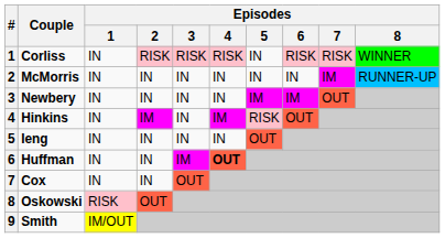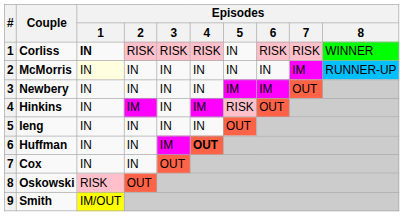 <table class="wikitable">
 <tr>
 <th rowspan=2>#</th>
 <th rowspan=2>Couple</th>
 <th colspan=9>Episodes</th>
 </tr>
 <tr>
 <th>1</th>
 <th>2</th>
 <th>3</th>
 <th>4</th>
 <th>5</th>
 <th>6</th>
 <th>7</th>
 <th>8</th>
 </tr>
 <tr>
 <th>1</th>
 <td><strong>Corliss</strong></td>
-<td>IN</td>
+<td><strong>IN</strong></td>
 <td bgcolor="pink">RISK</td>
 <td bgcolor="pink">RISK</td>
 <td bgcolor="pink">RISK</td>
 <td>IN</td>
 <td bgcolor="pink">RISK</td>
 <td bgcolor="pink">RISK</td>
 <td bgcolor="lime">WINNER</td>
 </tr>
 <tr>
 <th>2</th>
 <td><strong>McMorris</strong></td>
-<td>IN</td>
+<td style="background: lightyellow;">IN</td>
 <td>IN</td>
 <td>IN</td>
 <td>IN</td>
 <td>IN</td>
 <td>IN</td>
 <td bgcolor="magenta">IM</td>
 <td bgcolor=#00C0FF>RUNNER-UP</td>
 </tr>
 <tr>
 <th>3</th>
 <td><strong>Newbery</strong></td>
 <td>IN</td>
 <td>IN</td>
 <td>IN</td>
 <td>IN</td>
 <td bgcolor="magenta">IM</td>
 <td bgcolor="magenta">IM</td>
 <td bgcolor="tomato">OUT</td>
 <td bgcolor="#CCCCCC" colspan=1></td>
 </tr>
 <tr>
 <th>4</th>
 <td><strong>Hinkins</strong></td>
 <td>IN</td>
 <td bgcolor="magenta">IM</td>
 <td>IN</td>
 <td bgcolor="magenta">IM</td>
 <td bgcolor="pink">RISK</td>
 <td bgcolor="tomato">OUT</td>
 <td bgcolor="#CCCCCC" colspan=2></td>
 </tr>
 <tr>
 <th>5</th>
 <td><strong>Ieng</strong></td>
 <td>IN</td>
 <td>IN</td>
 <td>IN</td>
 <td>IN</td>
 <td bgcolor="tomato">OUT</td>
 <td bgcolor="#CCCCCC" colspan=3></td>
 </tr>
 <tr>
 <th>6</th>
 <td><strong>Huffman</strong></td>
 <td>IN</td>
 <td>IN</td>
 <td bgcolor="magenta">IM</td>
 <td bgcolor="tomato"><strong>OUT</strong></td>
 <td bgcolor="#CCCCCC" colspan=4></td>
 </tr>
 <tr>
 <th>7</th>
 <td><strong>Cox</strong></td>
 <td>IN</td>
 <td>IN</td>
 <td bgcolor="tomato">OUT</td>
 <td bgcolor="#CCCCCC" colspan=5></td>
 </tr>
 <tr>
 <th>8</th>
 <td><strong>Oskowski </strong></td>
 <td bgcolor="pink">RISK</td>
 <td bgcolor="tomato">OUT</td>
 <td bgcolor="#CCCCCC" colspan=6></td>
 </tr>
 <tr>
 <th>9</th>
 <td><strong>Smith</strong></td>
 <td bgcolor="yellow">IM/OUT</td>
 <td bgcolor="#CCCCCC" colspan=7></td>
 </tr>
 </table>
